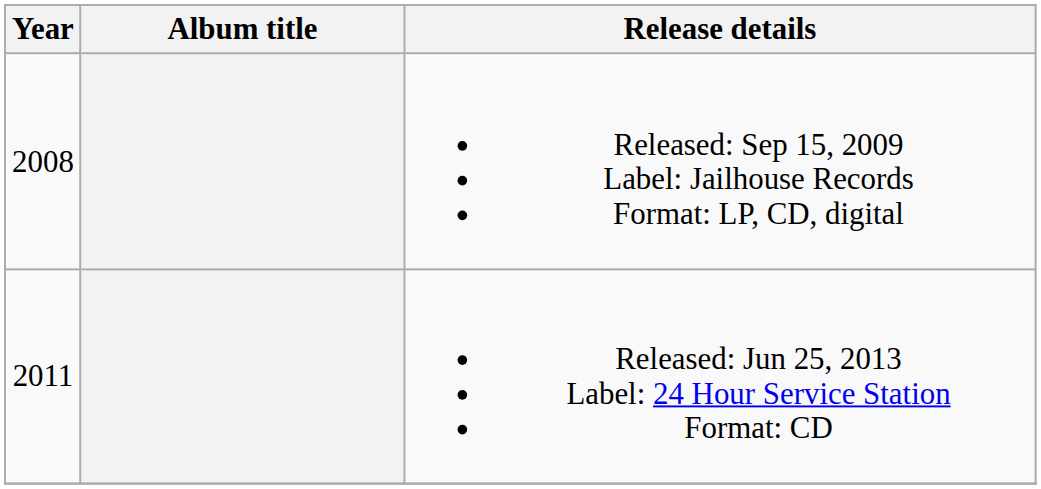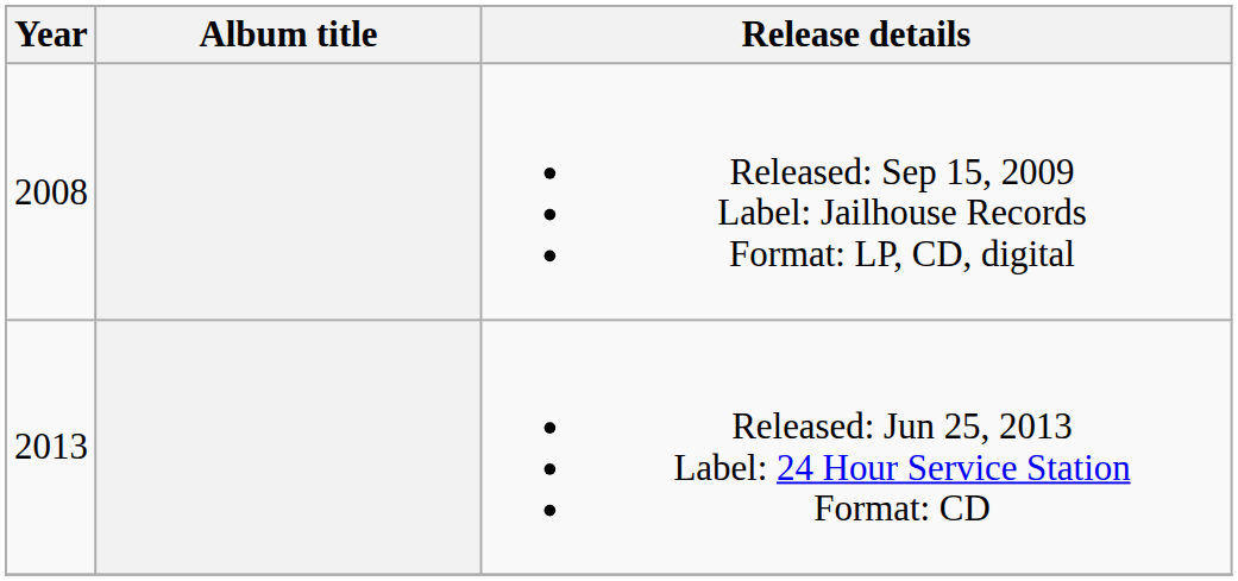 <table class="wikitable plainrowheaders" style="text-align:center;">
 <tr>
 <th>Year</th>
 <th scope="col" rowspan="1" style="width:10em;">Album title</th>
 <th scope="col" rowspan="1" style="width:20em;">Release details</th>
 </tr>
 <tr>
 <td>2008</td>
 <th></th>
 <td><br><ul><li>Released: Sep 15, 2009</li><li>Label: Jailhouse Records</li><li>Format: LP, CD, digital</li></ul></td>
 </tr>
 <tr>
-<td>2011</td>
+<td>2013</td>
 <th></th>
 <td><br><ul><li>Released: Jun 25, 2013</li><li>Label: <a href='#'>24 Hour Service Station</a></li><li>Format: CD</li></ul></td>
 </tr>
 <tr>
 </tr>
 </table>
